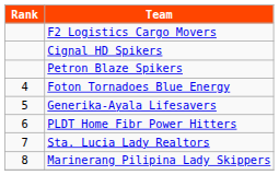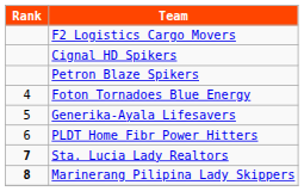 <table class="wikitable" style="text-align: center;">
 <tr>
 <th width=40 style="background:#FF4500; color:#FFFFFF;">Rank</th>
 <th style="background:#FF4500; color:#FFFFFF;">Team</th>
 </tr>
 <tr>
 <td></td>
 <td style="text-align: left;"><a href='#'>F2 Logistics Cargo Movers</a></td>
 </tr>
 <tr>
 <td></td>
 <td style="text-align: left;"><a href='#'>Cignal HD Spikers</a></td>
 </tr>
 <tr>
 <td></td>
 <td style="text-align: left;"><a href='#'>Petron Blaze Spikers</a></td>
 </tr>
 <tr>
 <td>4</td>
 <td style="text-align: left;"><a href='#'>Foton Tornadoes Blue Energy</a></td>
 </tr>
 <tr>
 <td>5</td>
 <td style="text-align: left;"><a href='#'>Generika-Ayala Lifesavers</a></td>
 </tr>
 <tr>
 <td>6</td>
 <td style="text-align: left;"><a href='#'>PLDT Home Fibr Power Hitters</a></td>
 </tr>
 <tr>
-<td>7</td>
+<td><strong>7</strong></td>
 <td style="text-align: left;"><a href='#'>Sta. Lucia Lady Realtors</a></td>
 </tr>
 <tr>
-<td>8</td>
+<td><strong>8</strong></td>
 <td style="text-align: left;"><a href='#'>Marinerang Pilipina Lady Skippers</a></td>
 </tr>
 <tr>
 </tr>
 </table>
